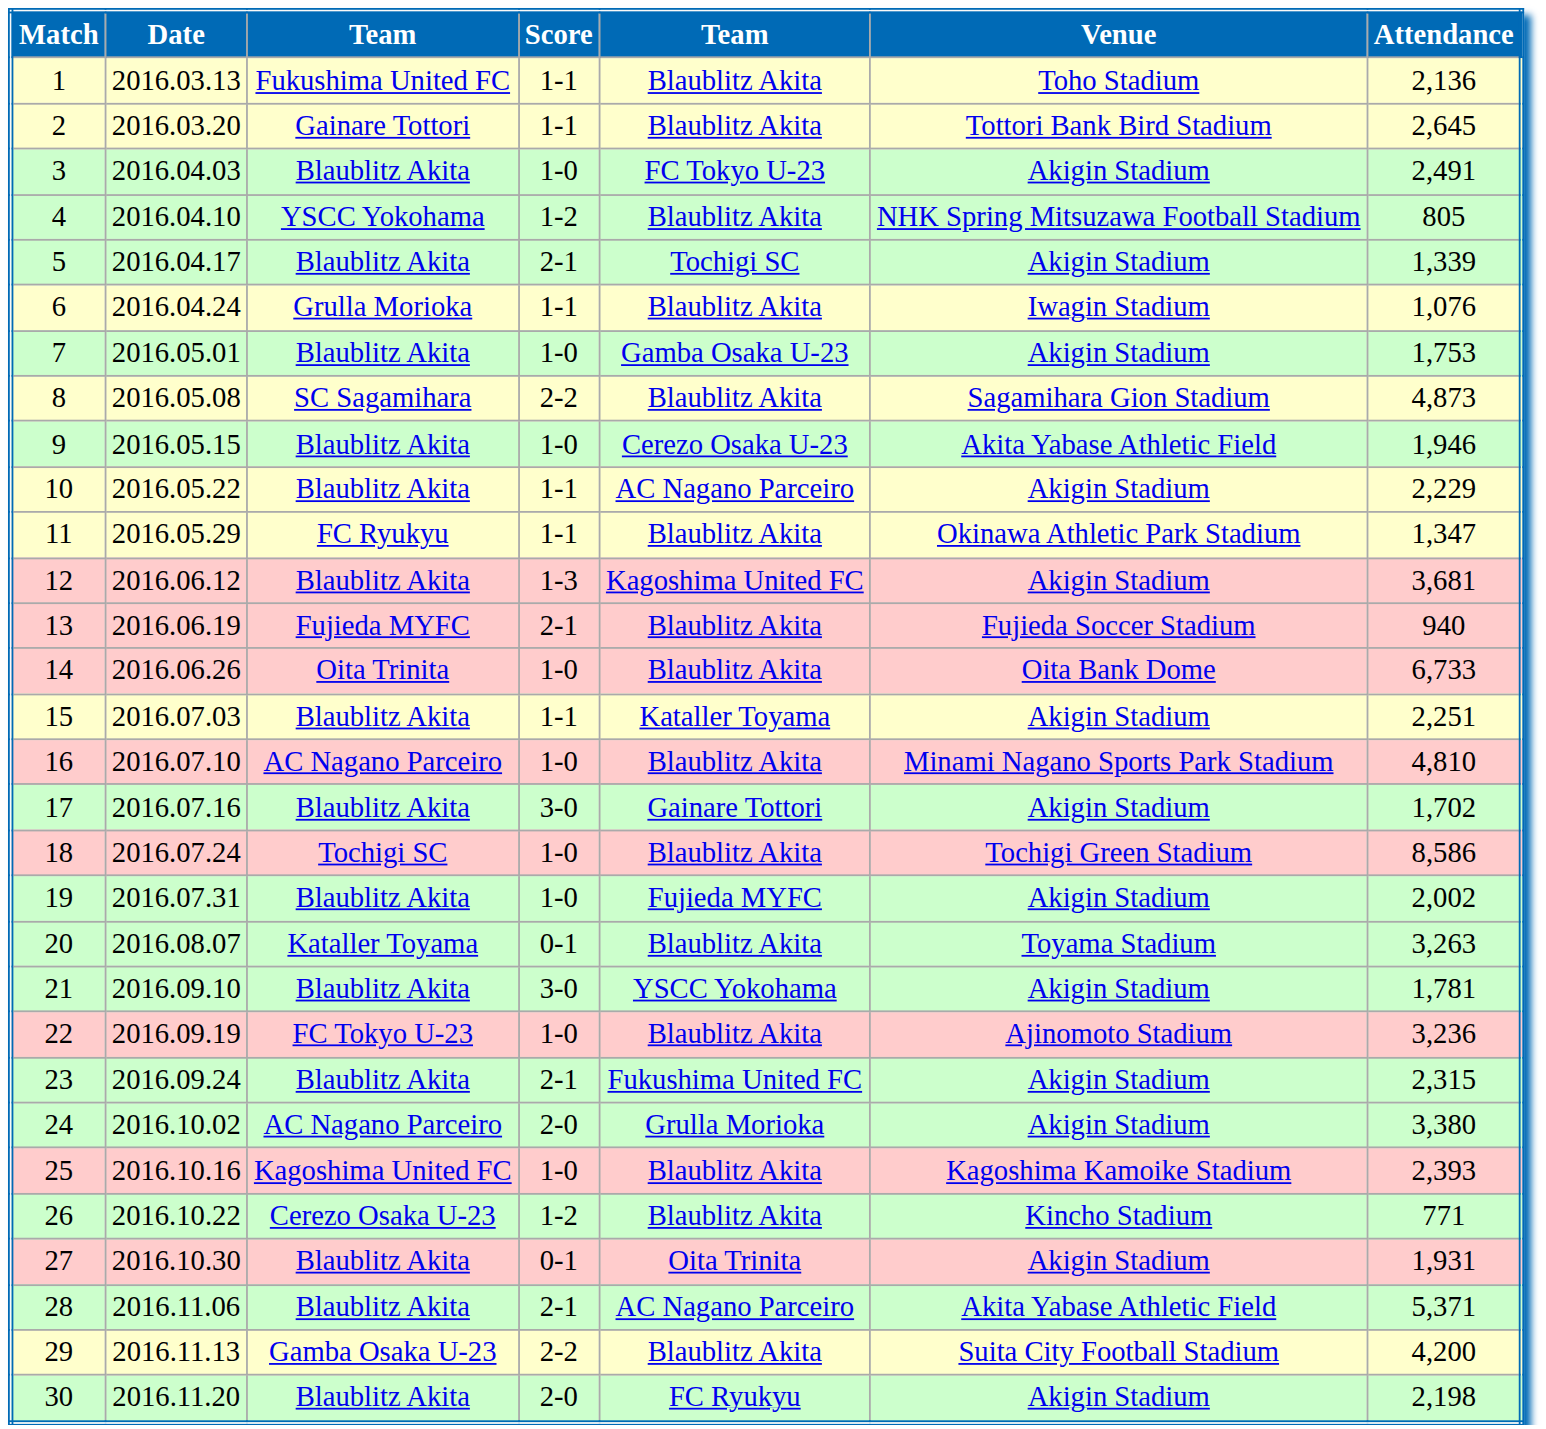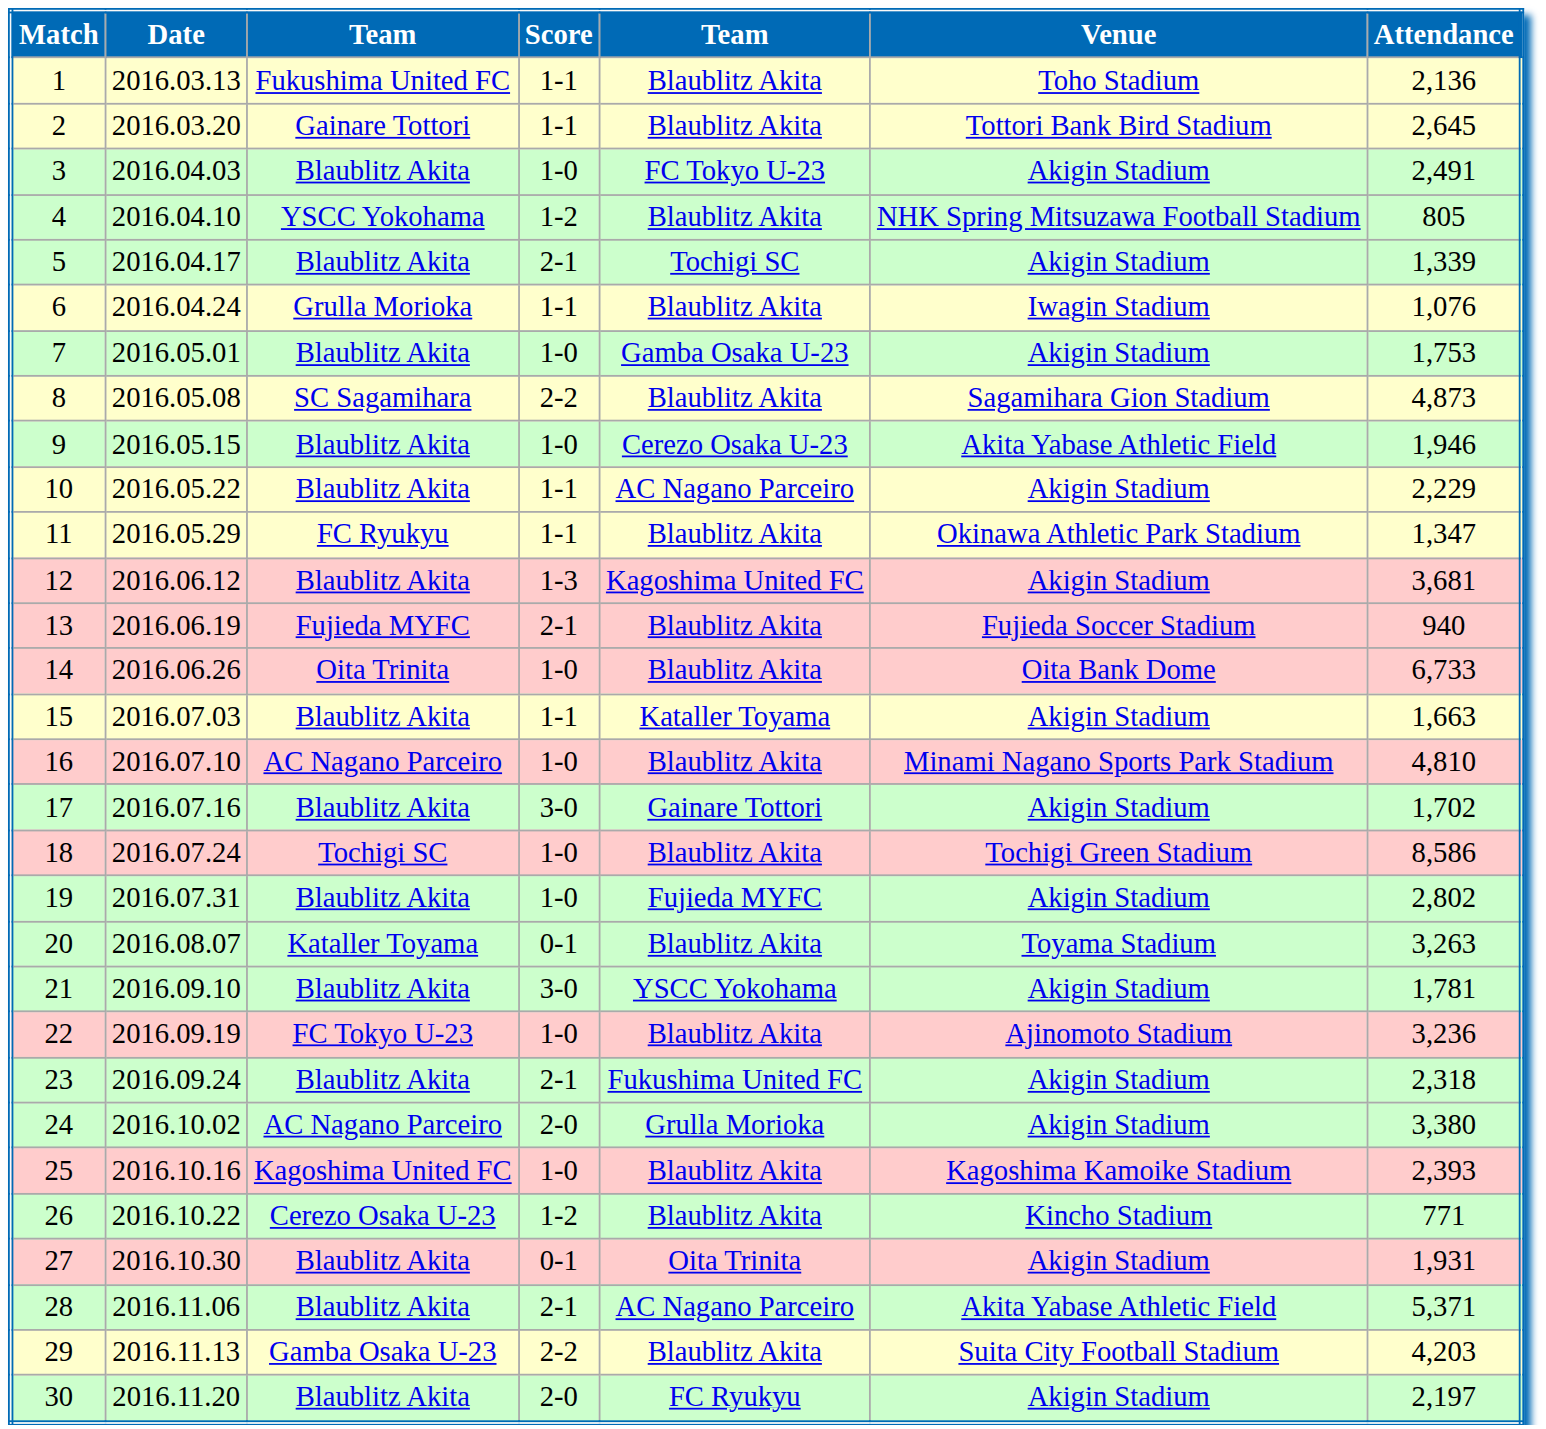 <table class="wikitable" style="text-align:center; white-space:nowrap; border:double #006AB6; box-shadow: 4px 4px 4px #006AB6">
 <tr style="background-color:#006AB6; color:#FFF; font-weight:bold;">
 <td>Match</td>
 <td>Date</td>
 <td>Team</td>
 <td>Score</td>
 <td>Team</td>
 <td>Venue</td>
 <td>Attendance</td>
 </tr>
 <tr style="background-color: #FFFFCC;">
 <td>1</td>
 <td>2016.03.13</td>
 <td><a href='#'>Fukushima United FC</a></td>
 <td>1-1</td>
 <td><a href='#'>Blaublitz Akita</a></td>
 <td><a href='#'>Toho Stadium</a></td>
 <td>2,136</td>
 </tr>
 <tr style="background-color: #FFFFCC;">
 <td>2</td>
 <td>2016.03.20</td>
 <td><a href='#'>Gainare Tottori</a></td>
 <td>1-1</td>
 <td><a href='#'>Blaublitz Akita</a></td>
 <td><a href='#'>Tottori Bank Bird Stadium</a></td>
 <td>2,645</td>
 </tr>
 <tr style="background-color: #CCFFCC;">
 <td>3</td>
 <td>2016.04.03</td>
 <td><a href='#'>Blaublitz Akita</a></td>
 <td>1-0</td>
 <td><a href='#'>FC Tokyo U-23</a></td>
 <td><a href='#'>Akigin Stadium</a></td>
 <td>2,491</td>
 </tr>
 <tr style="background-color: #CCFFCC;">
 <td>4</td>
 <td>2016.04.10</td>
 <td><a href='#'>YSCC Yokohama</a></td>
 <td>1-2</td>
 <td><a href='#'>Blaublitz Akita</a></td>
 <td><a href='#'>NHK Spring Mitsuzawa Football Stadium</a></td>
 <td>805</td>
 </tr>
 <tr style="background-color: #CCFFCC;">
 <td>5</td>
 <td>2016.04.17</td>
 <td><a href='#'>Blaublitz Akita</a></td>
 <td>2-1</td>
 <td><a href='#'>Tochigi SC</a></td>
 <td><a href='#'>Akigin Stadium</a></td>
 <td>1,339</td>
 </tr>
 <tr style="background-color: #FFFFCC;">
 <td>6</td>
 <td>2016.04.24</td>
 <td><a href='#'>Grulla Morioka</a></td>
 <td>1-1</td>
 <td><a href='#'>Blaublitz Akita</a></td>
 <td><a href='#'>Iwagin Stadium</a></td>
 <td>1,076</td>
 </tr>
 <tr style="background-color: #CCFFCC;">
 <td>7</td>
 <td>2016.05.01</td>
 <td><a href='#'>Blaublitz Akita</a></td>
 <td>1-0</td>
 <td><a href='#'>Gamba Osaka U-23</a></td>
 <td><a href='#'>Akigin Stadium</a></td>
 <td>1,753</td>
 </tr>
 <tr style="background-color: #FFFFCC;">
 <td>8</td>
 <td>2016.05.08</td>
 <td><a href='#'>SC Sagamihara</a></td>
 <td>2-2</td>
 <td><a href='#'>Blaublitz Akita</a></td>
 <td><a href='#'>Sagamihara Gion Stadium</a></td>
 <td>4,873</td>
 </tr>
 <tr style="background-color: #CCFFCC;">
 <td>9</td>
 <td>2016.05.15</td>
 <td><a href='#'>Blaublitz Akita</a></td>
 <td>1-0</td>
 <td><a href='#'>Cerezo Osaka U-23</a></td>
 <td><a href='#'>Akita Yabase Athletic Field</a></td>
 <td>1,946</td>
 </tr>
 <tr style="background-color: #FFFFCC;">
 <td>10</td>
 <td>2016.05.22</td>
 <td><a href='#'>Blaublitz Akita</a></td>
 <td>1-1</td>
 <td><a href='#'>AC Nagano Parceiro</a></td>
 <td><a href='#'>Akigin Stadium</a></td>
 <td>2,229</td>
 </tr>
 <tr style="background-color: #FFFFCC;">
 <td>11</td>
 <td>2016.05.29</td>
 <td><a href='#'>FC Ryukyu</a></td>
 <td>1-1</td>
 <td><a href='#'>Blaublitz Akita</a></td>
 <td><a href='#'>Okinawa Athletic Park Stadium</a></td>
 <td>1,347</td>
 </tr>
 <tr style="background-color: #FFCCCC;">
 <td>12</td>
 <td>2016.06.12</td>
 <td><a href='#'>Blaublitz Akita</a></td>
 <td>1-3</td>
 <td><a href='#'>Kagoshima United FC</a></td>
 <td><a href='#'>Akigin Stadium</a></td>
 <td>3,681</td>
 </tr>
 <tr style="background-color: #FFCCCC;">
 <td>13</td>
 <td>2016.06.19</td>
 <td><a href='#'>Fujieda MYFC</a></td>
 <td>2-1</td>
 <td><a href='#'>Blaublitz Akita</a></td>
 <td><a href='#'>Fujieda Soccer Stadium</a></td>
 <td>940</td>
 </tr>
 <tr style="background-color: #FFCCCC;">
 <td>14</td>
 <td>2016.06.26</td>
 <td><a href='#'>Oita Trinita</a></td>
 <td>1-0</td>
 <td><a href='#'>Blaublitz Akita</a></td>
 <td><a href='#'>Oita Bank Dome</a></td>
 <td>6,733</td>
 </tr>
 <tr style="background-color: #FFFFCC;">
 <td>15</td>
 <td>2016.07.03</td>
 <td><a href='#'>Blaublitz Akita</a></td>
 <td>1-1</td>
 <td><a href='#'>Kataller Toyama</a></td>
 <td><a href='#'>Akigin Stadium</a></td>
-<td>2,251</td>
+<td>1,663</td>
 </tr>
 <tr style="background-color: #FFCCCC;">
 <td>16</td>
 <td>2016.07.10</td>
 <td><a href='#'>AC Nagano Parceiro</a></td>
 <td>1-0</td>
 <td><a href='#'>Blaublitz Akita</a></td>
 <td><a href='#'>Minami Nagano Sports Park Stadium</a></td>
 <td>4,810</td>
 </tr>
 <tr style="background-color: #CCFFCC;">
 <td>17</td>
 <td>2016.07.16</td>
 <td><a href='#'>Blaublitz Akita</a></td>
 <td>3-0</td>
 <td><a href='#'>Gainare Tottori</a></td>
 <td><a href='#'>Akigin Stadium</a></td>
 <td>1,702</td>
 </tr>
 <tr style="background-color: #FFCCCC;">
 <td>18</td>
 <td>2016.07.24</td>
 <td><a href='#'>Tochigi SC</a></td>
 <td>1-0</td>
 <td><a href='#'>Blaublitz Akita</a></td>
 <td><a href='#'>Tochigi Green Stadium</a></td>
 <td>8,586</td>
 </tr>
 <tr style="background-color: #CCFFCC;">
 <td>19</td>
 <td>2016.07.31</td>
 <td><a href='#'>Blaublitz Akita</a></td>
 <td>1-0</td>
 <td><a href='#'>Fujieda MYFC</a></td>
 <td><a href='#'>Akigin Stadium</a></td>
-<td>2,002</td>
+<td>2,802</td>
 </tr>
 <tr style="background-color: #CCFFCC;">
 <td>20</td>
 <td>2016.08.07</td>
 <td><a href='#'>Kataller Toyama</a></td>
 <td>0-1</td>
 <td><a href='#'>Blaublitz Akita</a></td>
 <td><a href='#'>Toyama Stadium</a></td>
 <td>3,263</td>
 </tr>
 <tr style="background-color: #CCFFCC;">
 <td>21</td>
 <td>2016.09.10</td>
 <td><a href='#'>Blaublitz Akita</a></td>
 <td>3-0</td>
 <td><a href='#'>YSCC Yokohama</a></td>
 <td><a href='#'>Akigin Stadium</a></td>
 <td>1,781</td>
 </tr>
 <tr style="background-color: #FFCCCC;">
 <td>22</td>
 <td>2016.09.19</td>
 <td><a href='#'>FC Tokyo U-23</a></td>
 <td>1-0</td>
 <td><a href='#'>Blaublitz Akita</a></td>
 <td><a href='#'>Ajinomoto Stadium</a></td>
 <td>3,236</td>
 </tr>
 <tr style="background-color: #CCFFCC;">
 <td>23</td>
 <td>2016.09.24</td>
 <td><a href='#'>Blaublitz Akita</a></td>
 <td>2-1</td>
 <td><a href='#'>Fukushima United FC</a></td>
 <td><a href='#'>Akigin Stadium</a></td>
-<td>2,315</td>
+<td>2,318</td>
 </tr>
 <tr style="background-color: #CCFFCC;">
 <td>24</td>
 <td>2016.10.02</td>
 <td><a href='#'>AC Nagano Parceiro</a></td>
 <td>2-0</td>
 <td><a href='#'>Grulla Morioka</a></td>
 <td><a href='#'>Akigin Stadium</a></td>
 <td>3,380</td>
 </tr>
 <tr style="background-color: #FFCCCC;">
 <td>25</td>
 <td>2016.10.16</td>
 <td><a href='#'>Kagoshima United FC</a></td>
 <td>1-0</td>
 <td><a href='#'>Blaublitz Akita</a></td>
 <td><a href='#'>Kagoshima Kamoike Stadium</a></td>
 <td>2,393</td>
 </tr>
 <tr style="background-color: #CCFFCC;">
 <td>26</td>
 <td>2016.10.22</td>
 <td><a href='#'>Cerezo Osaka U-23</a></td>
 <td>1-2</td>
 <td><a href='#'>Blaublitz Akita</a></td>
 <td><a href='#'>Kincho Stadium</a></td>
 <td>771</td>
 </tr>
 <tr style="background-color: #FFCCCC;">
 <td>27</td>
 <td>2016.10.30</td>
 <td><a href='#'>Blaublitz Akita</a></td>
 <td>0-1</td>
 <td><a href='#'>Oita Trinita</a></td>
 <td><a href='#'>Akigin Stadium</a></td>
 <td>1,931</td>
 </tr>
 <tr style="background-color: #CCFFCC;">
 <td>28</td>
 <td>2016.11.06</td>
 <td><a href='#'>Blaublitz Akita</a></td>
 <td>2-1</td>
 <td><a href='#'>AC Nagano Parceiro</a></td>
 <td><a href='#'>Akita Yabase Athletic Field</a></td>
 <td>5,371</td>
 </tr>
 <tr style="background-color: #FFFFCC;">
 <td>29</td>
 <td>2016.11.13</td>
 <td><a href='#'>Gamba Osaka U-23</a></td>
 <td>2-2</td>
 <td><a href='#'>Blaublitz Akita</a></td>
 <td><a href='#'>Suita City Football Stadium</a></td>
-<td>4,200</td>
+<td>4,203</td>
 </tr>
 <tr style="background-color: #CCFFCC;">
 <td>30</td>
 <td>2016.11.20</td>
 <td><a href='#'>Blaublitz Akita</a></td>
 <td>2-0</td>
 <td><a href='#'>FC Ryukyu</a></td>
 <td><a href='#'>Akigin Stadium</a></td>
-<td>2,198</td>
+<td>2,197</td>
 </tr>
 </table>
